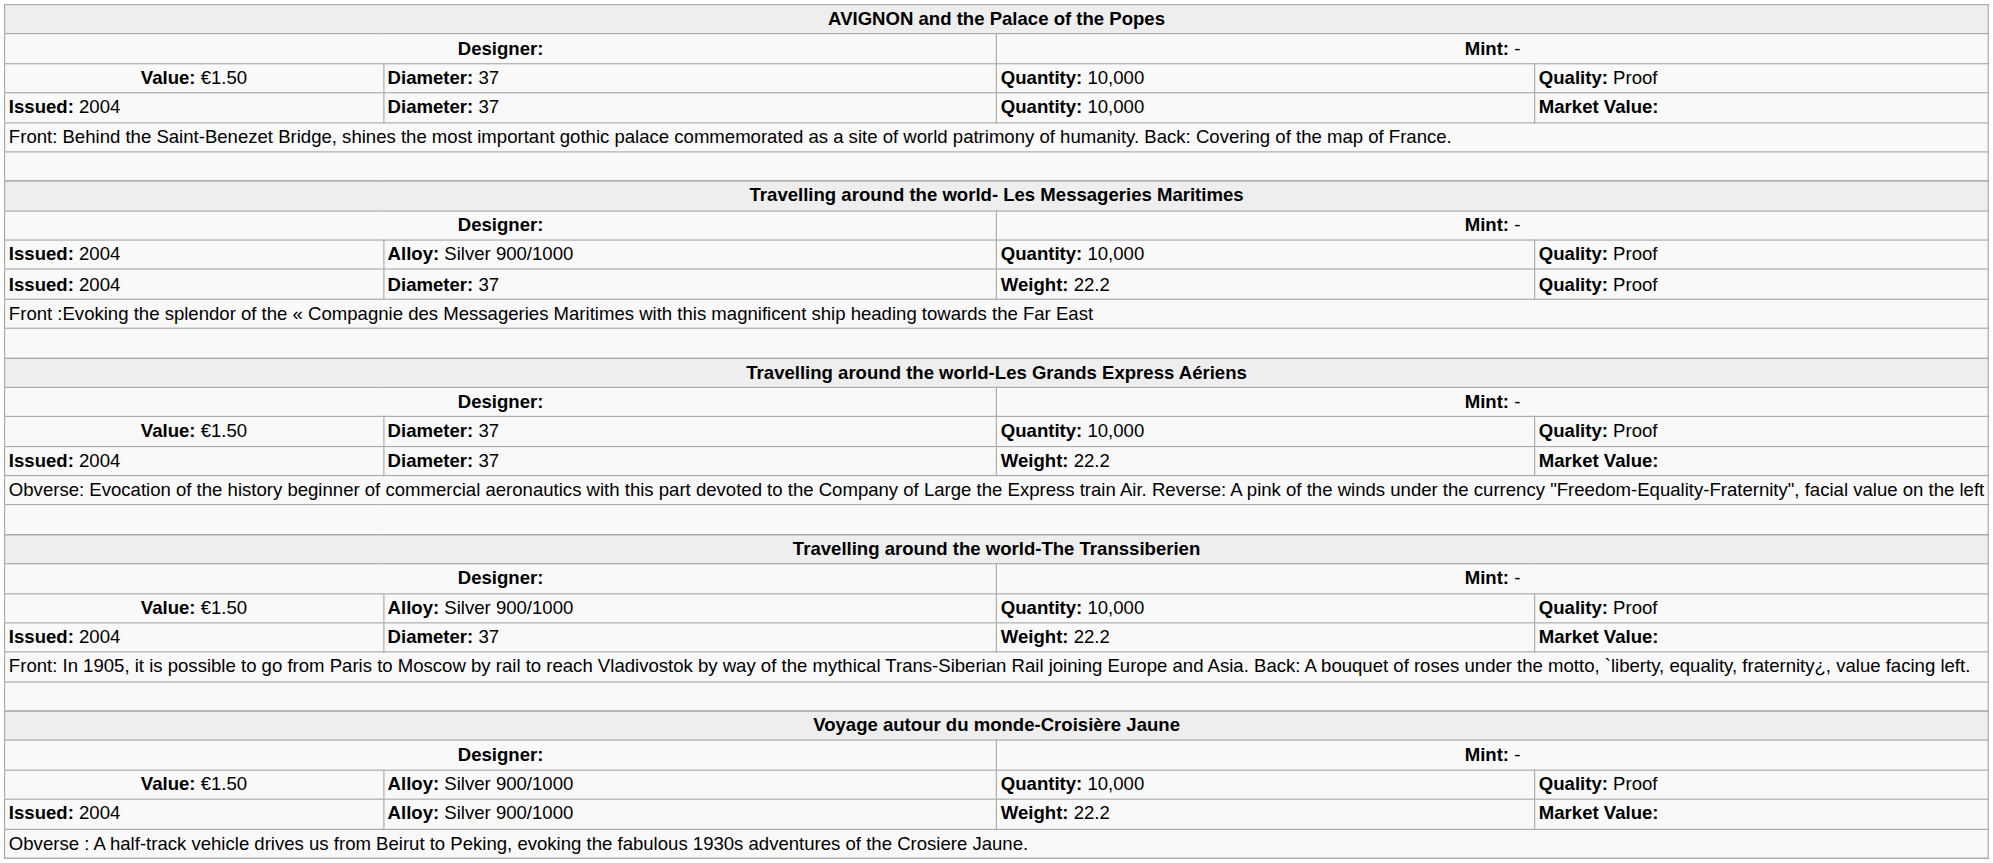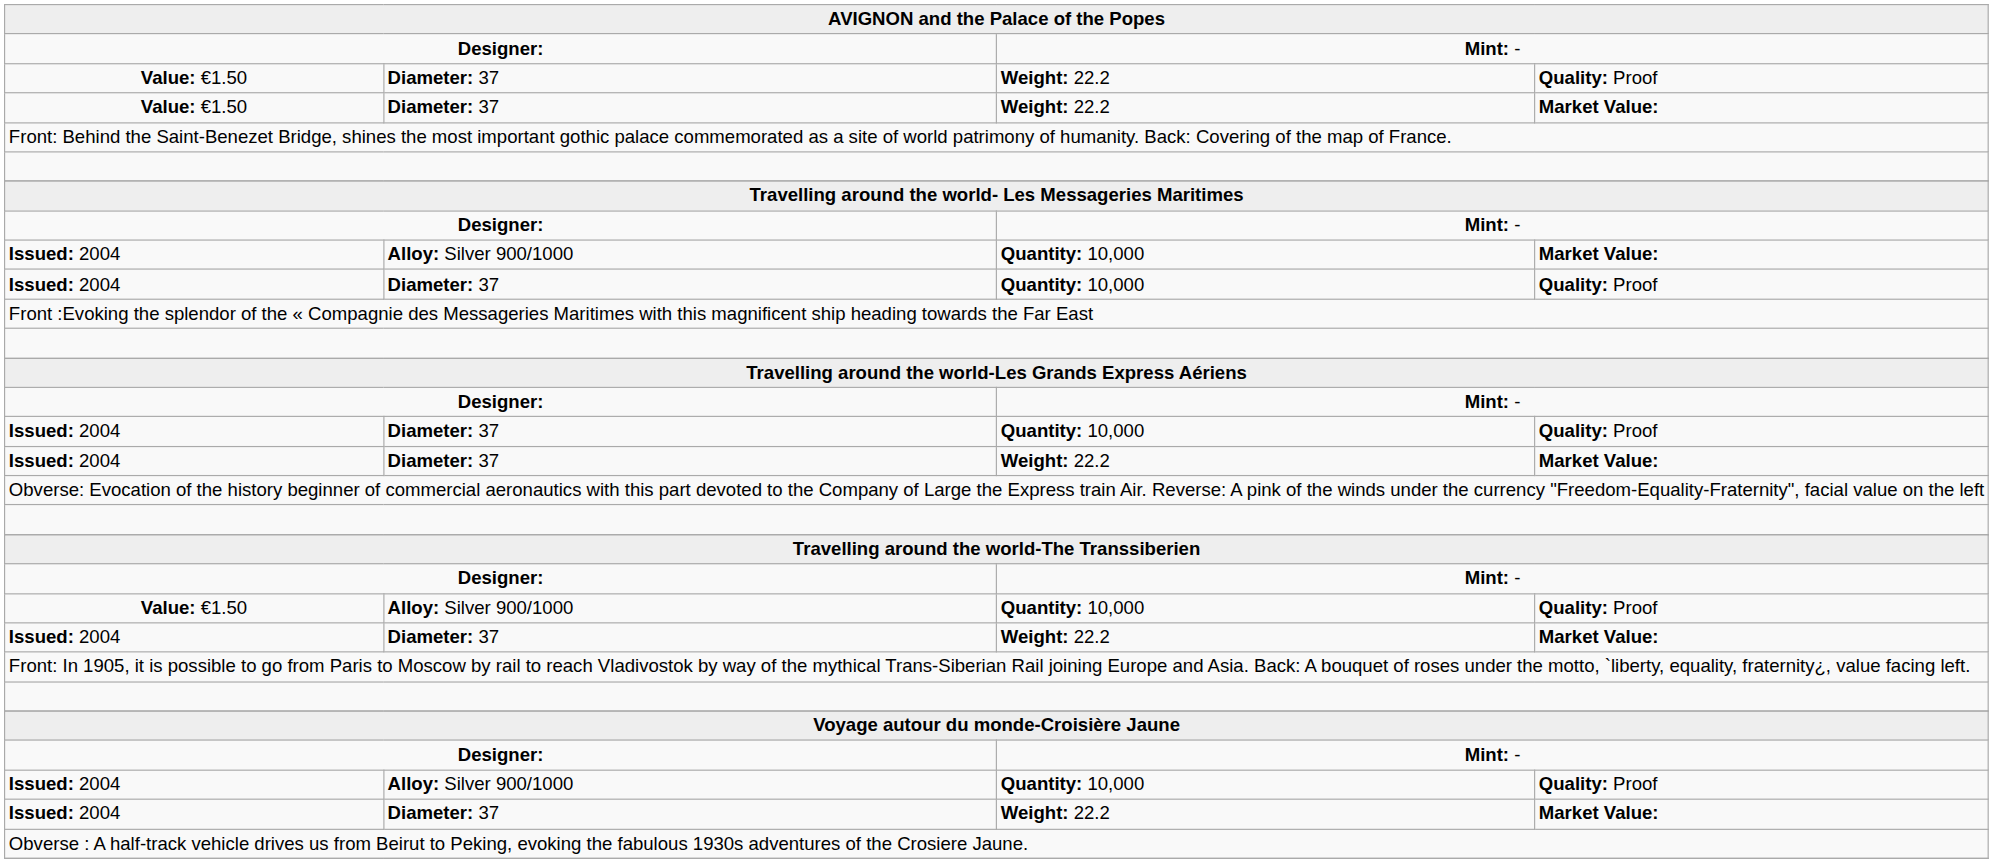 <table class="wikitable">
 <tr>
 <th colspan="4" align=center style="background:#eeeeee;">AVIGNON and the Palace of the Popes</th>
 </tr>
 <tr>
 <td colspan="2" width="50%" align=center><strong>Designer:</strong></td>
 <td colspan="2" width="50%" align=center><strong>Mint:</strong> -</td>
 </tr>
 <tr>
 <td align=center><strong>Value:</strong>	€1.50</td>
 <td><strong>Diameter:</strong>	37</td>
-<td><strong>Quantity:</strong>	10,000</td>
+<td><strong>Weight:</strong>	22.2</td>
 <td><strong>Quality:</strong>	Proof</td>
 </tr>
 <tr>
-<td><strong>Issued:</strong>	2004</td>
+<td align=center><strong>Value:</strong>	€1.50</td>
 <td><strong>Diameter:</strong>	37</td>
-<td><strong>Quantity:</strong>	10,000</td>
+<td><strong>Weight:</strong>	22.2</td>
 <td><strong>Market Value:</strong></td>
 </tr>
 <tr>
 <td colspan="4" align=left>Front: Behind the Saint-Benezet Bridge, shines the most important gothic palace commemorated as a site of world patrimony of humanity. Back: Covering of the map of France.</td>
 </tr>
 <tr>
 <td colspan="4"> </td>
 </tr>
 <tr>
 </tr>
 <tr>
 <th colspan="4" align=center style="background:#eeeeee;">Travelling around the world- Les Messageries Maritimes</th>
 </tr>
 <tr>
 <td colspan="2" width="50%" align=center><strong>Designer:</strong></td>
 <td colspan="2" width="50%" align=center><strong>Mint:</strong> -</td>
 </tr>
 <tr>
 <td><strong>Issued:</strong>	2004</td>
 <td><strong>Alloy:</strong>	Silver 900/1000</td>
 <td><strong>Quantity:</strong>	10,000</td>
-<td><strong>Quality:</strong>	Proof</td>
+<td><strong>Market Value:</strong></td>
 </tr>
 <tr>
 <td><strong>Issued:</strong>	2004</td>
 <td><strong>Diameter:</strong>	37</td>
-<td><strong>Weight:</strong>	22.2</td>
+<td><strong>Quantity:</strong>	10,000</td>
 <td><strong>Quality:</strong>	Proof</td>
 </tr>
 <tr>
 <td colspan="4" align=left>Front :Evoking the splendor of the « Compagnie des Messageries Maritimes with this magnificent ship heading towards the Far East</td>
 </tr>
 <tr>
 <td colspan="4"> </td>
 </tr>
 <tr>
 </tr>
 <tr>
 <th colspan="4" align=center style="background:#eeeeee;">Travelling around the world-Les Grands Express Aériens</th>
 </tr>
 <tr>
 <td colspan="2" width="50%" align=center><strong>Designer:</strong></td>
 <td colspan="2" width="50%" align=center><strong>Mint:</strong> -</td>
 </tr>
 <tr>
-<td align=center><strong>Value:</strong>	€1.50</td>
+<td><strong>Issued:</strong>	2004</td>
 <td><strong>Diameter:</strong>	37</td>
 <td><strong>Quantity:</strong>	10,000</td>
 <td><strong>Quality:</strong>	Proof</td>
 </tr>
 <tr>
 <td><strong>Issued:</strong>	2004</td>
 <td><strong>Diameter:</strong>	37</td>
 <td><strong>Weight:</strong>	22.2</td>
 <td><strong>Market Value:</strong></td>
 </tr>
 <tr>
 <td colspan="4" align=left>Obverse: Evocation of the history beginner of commercial aeronautics with this part devoted to the Company of Large the Express train Air. Reverse: A pink of the winds under the currency "Freedom-Equality-Fraternity", facial value on the left</td>
 </tr>
 <tr>
 <td colspan="4"> </td>
 </tr>
 <tr>
 </tr>
 <tr>
 <th colspan="4" align=center style="background:#eeeeee;">Travelling around the world-The Transsiberien</th>
 </tr>
 <tr>
 <td colspan="2" width="50%" align=center><strong>Designer:</strong></td>
 <td colspan="2" width="50%" align=center><strong>Mint:</strong> -</td>
 </tr>
 <tr>
 <td align=center><strong>Value:</strong>	€1.50</td>
 <td><strong>Alloy:</strong>	Silver 900/1000</td>
 <td><strong>Quantity:</strong>	10,000</td>
 <td><strong>Quality:</strong>	Proof</td>
 </tr>
 <tr>
 <td><strong>Issued:</strong>	2004</td>
 <td><strong>Diameter:</strong>	37</td>
 <td><strong>Weight:</strong>	22.2</td>
 <td><strong>Market Value:</strong></td>
 </tr>
 <tr>
 <td colspan="4" align=left>Front: In 1905, it is possible to go from Paris to Moscow by rail to reach Vladivostok by way of the mythical Trans-Siberian Rail joining Europe and Asia. Back: A bouquet of roses under the motto, `liberty, equality, fraternity¿, value facing left.</td>
 </tr>
 <tr>
 <td colspan="4"> </td>
 </tr>
 <tr>
 </tr>
 <tr>
 <th colspan="4" align=center style="background:#eeeeee;">Voyage autour du monde-Croisière Jaune</th>
 </tr>
 <tr>
 <td colspan="2" width="50%" align=center><strong>Designer:</strong></td>
 <td colspan="2" width="50%" align=center><strong>Mint:</strong> -</td>
 </tr>
 <tr>
-<td align=center><strong>Value:</strong>	€1.50</td>
+<td><strong>Issued:</strong>	2004</td>
 <td><strong>Alloy:</strong>	Silver 900/1000</td>
 <td><strong>Quantity:</strong>	10,000</td>
 <td><strong>Quality:</strong>	Proof</td>
 </tr>
 <tr>
 <td><strong>Issued:</strong>	2004</td>
-<td><strong>Alloy:</strong>	Silver 900/1000</td>
+<td><strong>Diameter:</strong>	37</td>
 <td><strong>Weight:</strong>	22.2</td>
 <td><strong>Market Value:</strong></td>
 </tr>
 <tr>
 <td colspan="4" align=left>Obverse : A half-track vehicle drives us from Beirut to Peking, evoking the fabulous 1930s adventures of the Crosiere Jaune.</td>
 </tr>
 <tr>
 </tr>
 </table>
